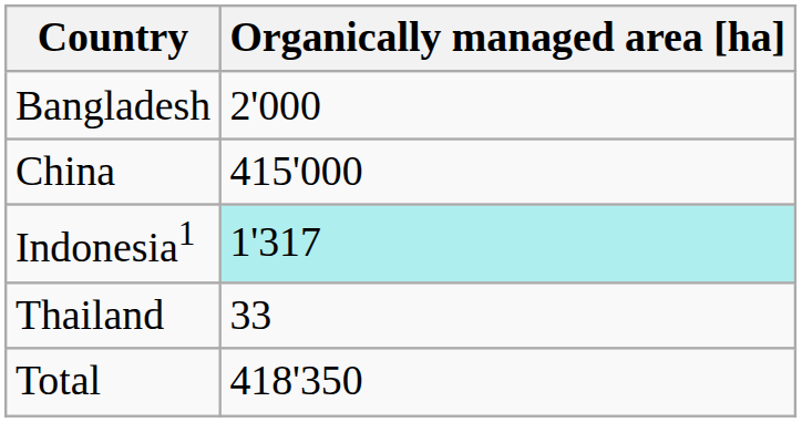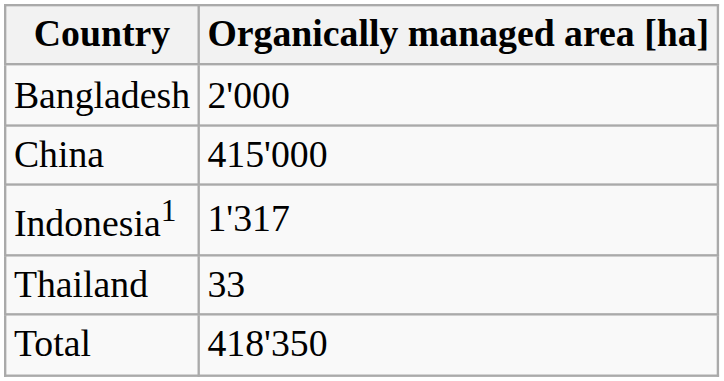 <table class="wikitable">
 <tr>
 <th>Country</th>
 <th>Organically managed area [ha]</th>
 </tr>
 <tr>
 <td>Bangladesh</td>
 <td>2'000</td>
 </tr>
 <tr>
 <td>China</td>
 <td>415'000</td>
 </tr>
 <tr>
 <td>Indonesia<sup>1</sup></td>
-<td style="background: paleturquoise;">1'317</td>
+<td>1'317</td>
 </tr>
 <tr>
 <td>Thailand</td>
 <td>33</td>
 </tr>
 <tr>
 <td>Total</td>
 <td>418'350</td>
 </tr>
 </table>
